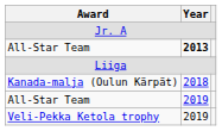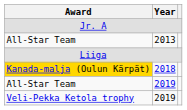 <table class="wikitable">
 <tr>
 <th>Award</th>
 <th>Year</th>
 <th></th>
 </tr>
 <tr ALIGN="center" bgcolor="#e0e0e0">
 <td colspan="3"><a href='#'>Jr. A</a></td>
 </tr>
 <tr>
 <td>All-Star Team</td>
-<td><strong>2013</strong></td>
+<td>2013</td>
 <td></td>
 </tr>
 <tr ALIGN="center" bgcolor="#e0e0e0">
 <td colspan="3"><a href='#'>Liiga</a></td>
 </tr>
 <tr>
-<td><a href='#'>Kanada-malja</a> (Oulun Kärpät)</td>
+<td style="background: gold;"><a href='#'>Kanada-malja</a> (Oulun Kärpät)</td>
 <td><a href='#'>2018</a></td>
 <td></td>
 </tr>
 <tr>
 <td>All-Star Team</td>
 <td><a href='#'>2019</a></td>
 <td></td>
 </tr>
 <tr>
 <td><a href='#'>Veli-Pekka Ketola trophy</a></td>
 <td>2019</td>
 <td></td>
 </tr>
 </table>
